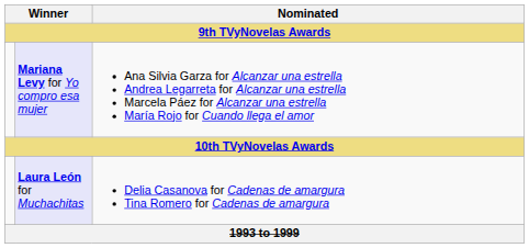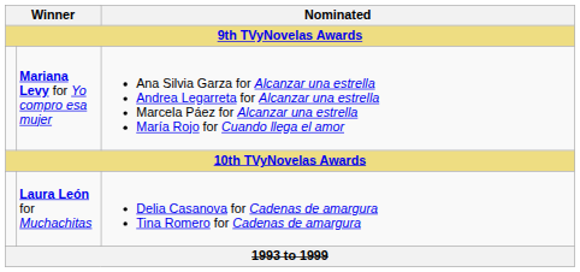 <table class="wikitable" width=80%>
 <tr align=center>
 <th width="150px;" colspan=2; align="center">Winner</th>
 <th width="580px;" align="center">Nominated</th>
 </tr>
 <tr>
 <th colspan=9 style="background:#EEDD82;"  align="center"><strong><a href='#'>9th TVyNovelas Awards</a></strong></th>
 </tr>
 <tr>
 <td width=2%></td>
-<td style="background: lavender;"><strong><a href='#'>Mariana Levy</a></strong> for <em><a href='#'>Yo compro esa mujer</a></em></td>
+<td><strong><a href='#'>Mariana Levy</a></strong> for <em><a href='#'>Yo compro esa mujer</a></em></td>
 <td><br><ul><li>Ana Silvia Garza for <em><a href='#'>Alcanzar una estrella</a></em></li><li><a href='#'>Andrea Legarreta</a> for <em><a href='#'>Alcanzar una estrella</a></em></li><li>Marcela Páez for <em><a href='#'>Alcanzar una estrella</a></em></li><li><a href='#'>María Rojo</a> for <em><a href='#'>Cuando llega el amor</a></em></li></ul></td>
 </tr>
 <tr>
 <th colspan=9 style="background:#EEDD82;"  align="center"><strong><a href='#'>10th TVyNovelas Awards</a></strong></th>
 </tr>
 <tr>
 <td width=2%></td>
-<td style="background: lavender;"><strong><a href='#'>Laura León</a></strong> for <em><a href='#'>Muchachitas</a></em></td>
+<td><strong><a href='#'>Laura León</a></strong> for <em><a href='#'>Muchachitas</a></em></td>
 <td><br><ul><li><a href='#'>Delia Casanova</a> for <em><a href='#'>Cadenas de amargura</a></em></li><li><a href='#'>Tina Romero</a> for <em><a href='#'>Cadenas de amargura</a></em></li></ul></td>
 </tr>
 <tr>
 <th colspan=9 align="center"><s>1993 to 1999</s></th>
 </tr>
 </table>
